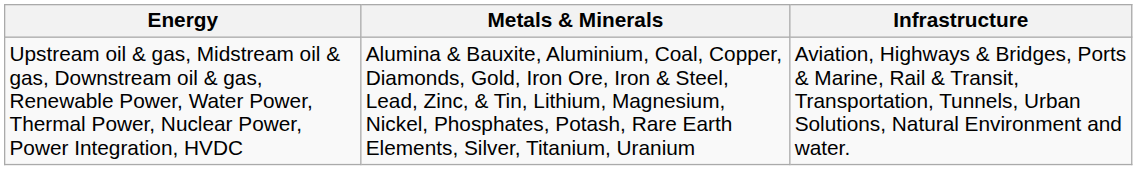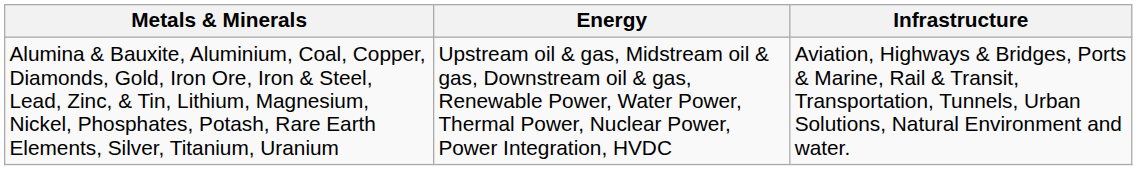 <table class="wikitable">
 <tr>
+<th>Metals & Minerals</th>
 <th>Energy</th>
-<th>Metals & Minerals</th>
 <th>Infrastructure</th>
 </tr>
 <tr>
+<td>Alumina &  Bauxite, Aluminium, Coal, Copper, Diamonds, Gold, Iron Ore, Iron & Steel, Lead, Zinc, & Tin, Lithium, Magnesium, Nickel, Phosphates, Potash, Rare Earth Elements, Silver, Titanium, Uranium</td>
 <td>Upstream oil &  gas, Midstream oil & gas, Downstream oil & gas, Renewable Power,  Water Power, Thermal Power, Nuclear Power, Power Integration, HVDC</td>
-<td>Alumina &  Bauxite, Aluminium, Coal, Copper, Diamonds, Gold, Iron Ore, Iron & Steel, Lead, Zinc, & Tin, Lithium, Magnesium, Nickel, Phosphates, Potash, Rare Earth Elements, Silver, Titanium, Uranium</td>
 <td>Aviation, Highways  & Bridges, Ports & Marine, Rail & Transit, Transportation,  Tunnels, Urban Solutions, Natural Environment and water.</td>
 </tr>
 </table>
